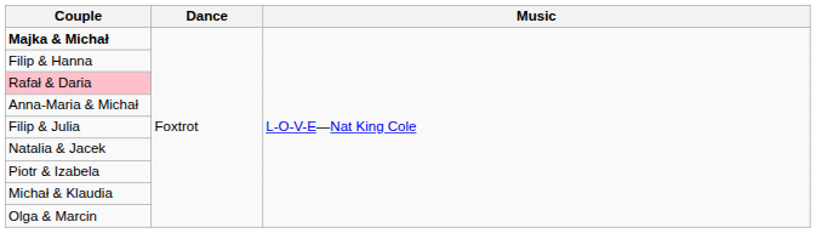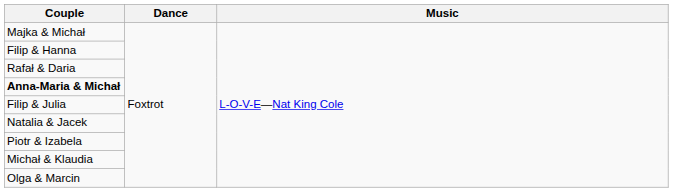 <table class="wikitable">
 <tr>
 <th style="width:160px;">Couple</th>
 <th style="width:120px;">Dance</th>
 <th style="width:620px;">Music</th>
 </tr>
 <tr>
-<td><strong>Majka & Michał</strong></td>
+<td>Majka & Michał</td>
 <td rowspan="9">Foxtrot</td>
 <td rowspan="9"><a href='#'>L-O-V-E</a>—<a href='#'>Nat King Cole</a></td>
 </tr>
 <tr>
 <td>Filip & Hanna</td>
 </tr>
 <tr>
-<td style="background: pink;">Rafał & Daria</td>
+<td>Rafał & Daria</td>
 </tr>
 <tr>
-<td>Anna-Maria & Michał</td>
+<td><strong>Anna-Maria & Michał</strong></td>
 </tr>
 <tr>
 <td>Filip & Julia</td>
 </tr>
 <tr>
 <td>Natalia & Jacek</td>
 </tr>
 <tr>
 <td>Piotr & Izabela</td>
 </tr>
 <tr>
 <td>Michał & Klaudia</td>
 </tr>
 <tr>
 <td>Olga & Marcin</td>
 </tr>
 </table>
